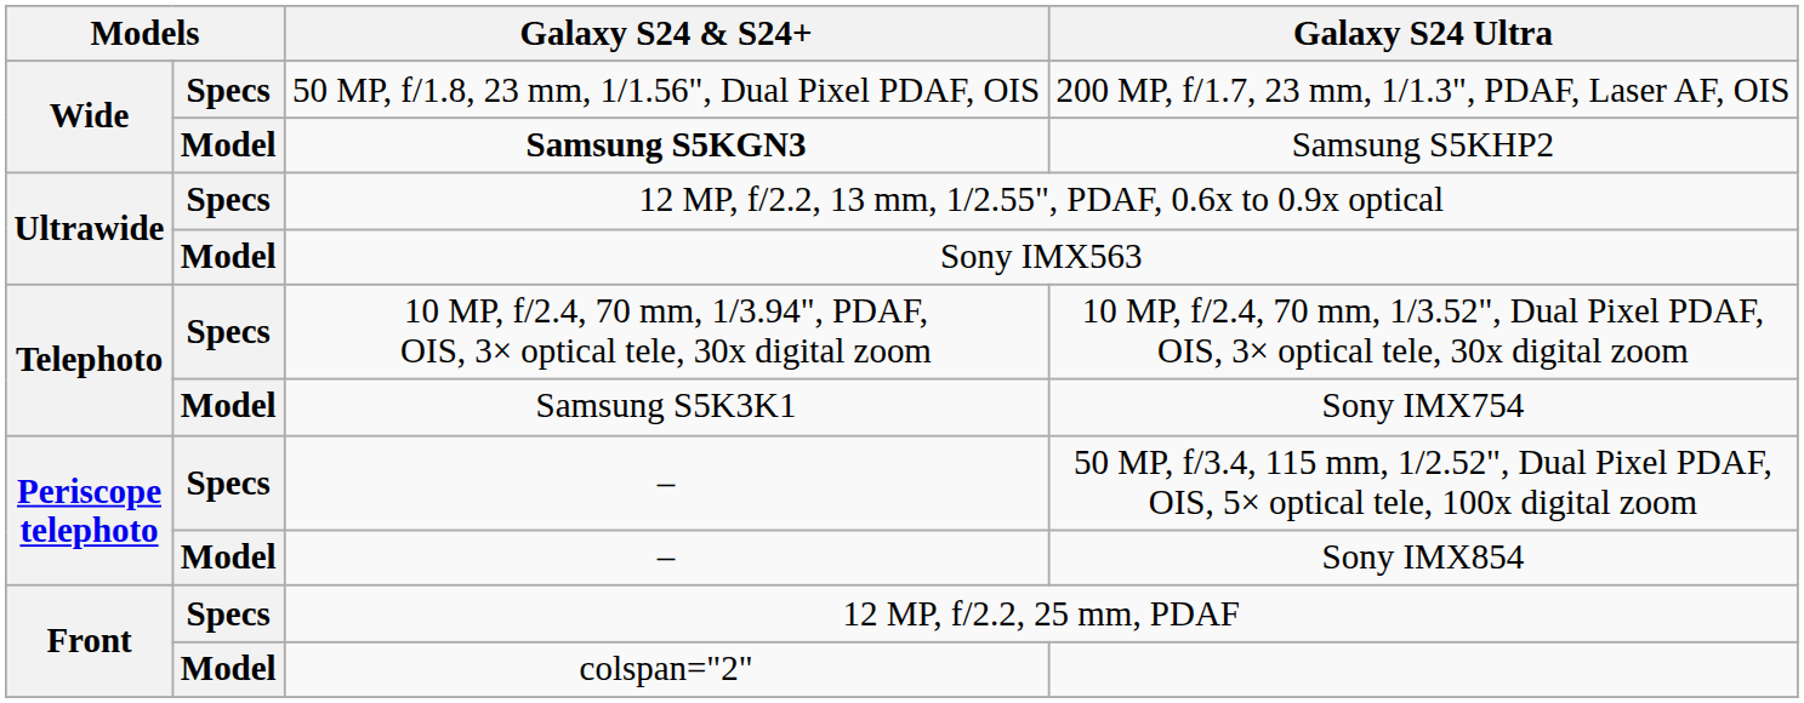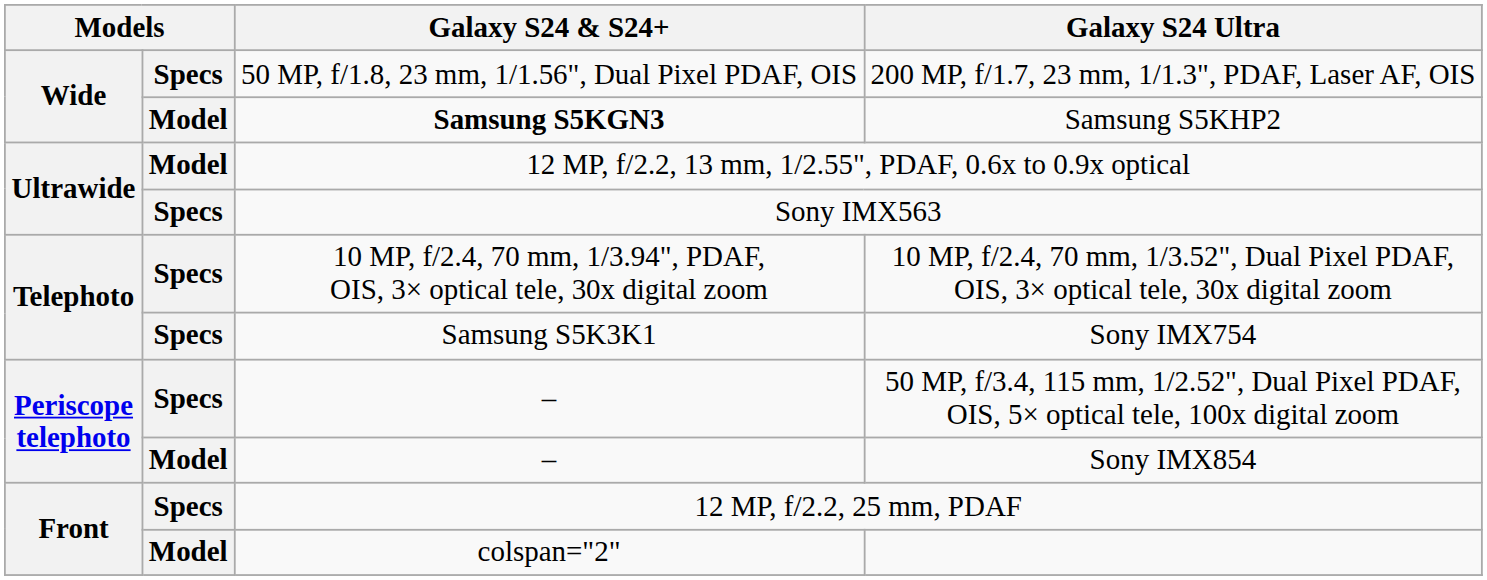 <table class="wikitable" style="text-align:center">
 <tr>
 <th colspan="2">Models</th>
 <th>Galaxy S24 & S24+</th>
 <th>Galaxy S24 Ultra</th>
 </tr>
 <tr>
 <th rowspan="2">Wide</th>
 <th>Specs</th>
 <td>50 MP, f/1.8, 23 mm, 1/1.56", Dual Pixel PDAF, OIS</td>
 <td>200 MP, f/1.7, 23 mm, 1/1.3", PDAF, Laser AF, OIS</td>
 </tr>
 <tr>
 <th>Model</th>
 <td><strong>Samsung S5KGN3</strong></td>
 <td>Samsung S5KHP2</td>
 </tr>
 <tr>
 <th rowspan="2">Ultrawide</th>
-<th>Specs</th>
+<th>Model</th>
 <td colspan="2">12 MP, f/2.2, 13 mm, 1/2.55", PDAF, 0.6x to 0.9x optical</td>
 </tr>
 <tr>
-<th>Model</th>
+<th>Specs</th>
 <td colspan="2">Sony IMX563</td>
 </tr>
 <tr>
 <th rowspan="2">Telephoto</th>
 <th>Specs</th>
 <td>10 MP, f/2.4, 70 mm, 1/3.94", PDAF,<br>OIS, 3× optical tele, 30x digital zoom</td>
 <td>10 MP, f/2.4, 70 mm, 1/3.52", Dual Pixel PDAF,<br>OIS, 3× optical tele, 30x digital zoom</td>
 </tr>
 <tr>
-<th>Model</th>
+<th>Specs</th>
 <td>Samsung S5K3K1</td>
 <td>Sony IMX754</td>
 </tr>
 <tr>
 <th rowspan="2"><a href='#'>Periscope<br>telephoto</a></th>
 <th>Specs</th>
 <td>–</td>
 <td>50 MP, f/3.4, 115 mm, 1/2.52", Dual Pixel PDAF,<br>OIS, 5× optical tele, 100x digital zoom</td>
 </tr>
 <tr>
 <th>Model</th>
 <td>–</td>
 <td>Sony IMX854</td>
 </tr>
 <tr>
 <th rowspan="2">Front</th>
 <th>Specs</th>
 <td colspan="2">12 MP, f/2.2, 25 mm, PDAF</td>
 </tr>
 <tr>
 <th>Model</th>
 <td>colspan="2" </td>
 </tr>
 </table>
